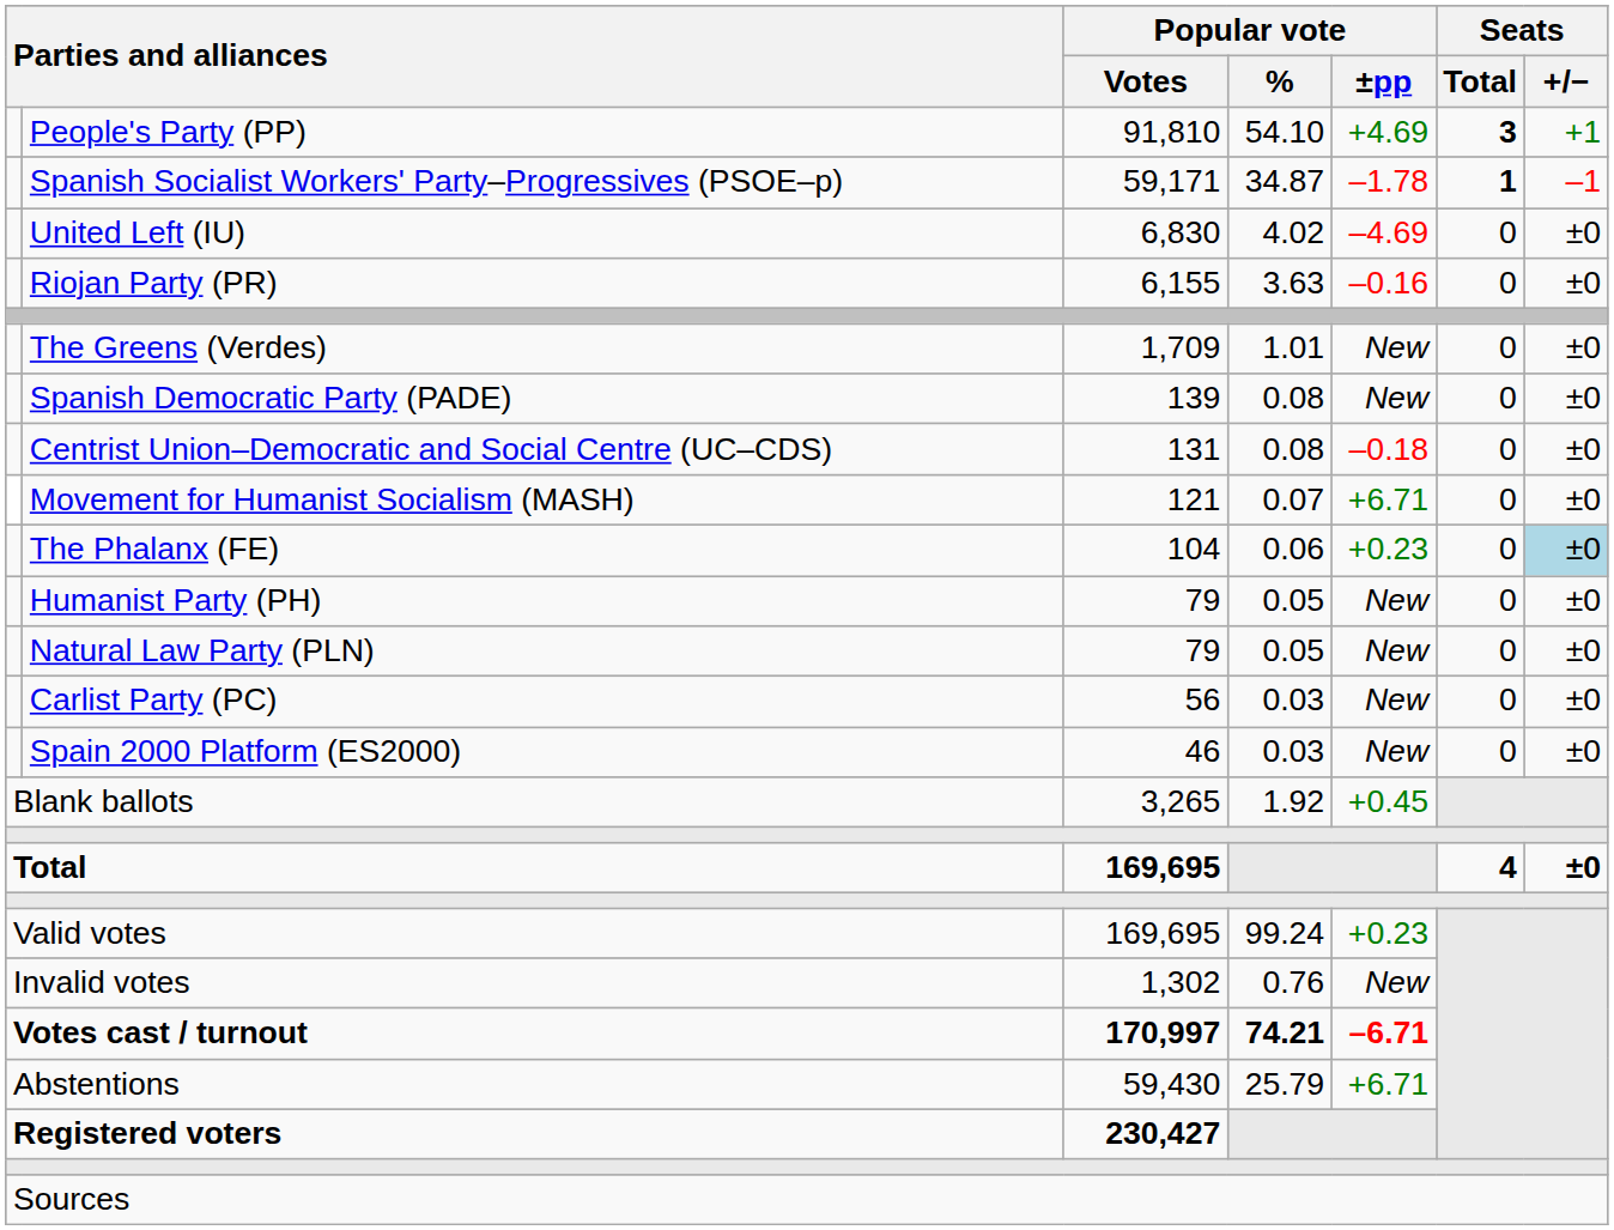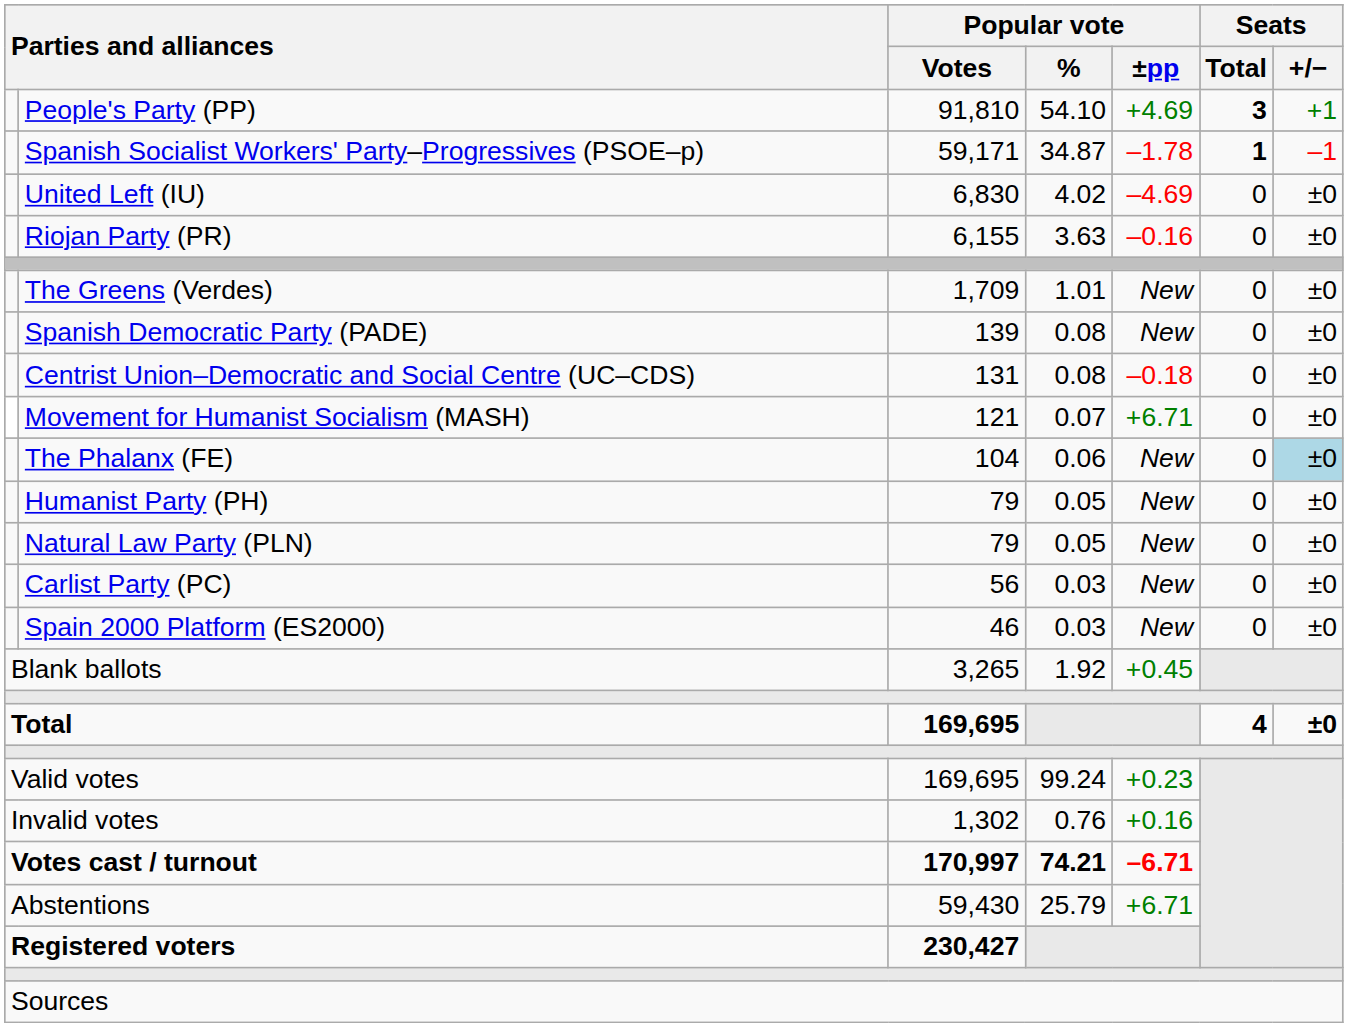 <table class="wikitable" style="text-align:right;">
 <tr>
 <th style="text-align:left;" rowspan="2" colspan="2" width="525">Parties and alliances</th>
 <th colspan="3">Popular vote</th>
 <th colspan="2">Seats</th>
 </tr>
 <tr>
 <th width="75">Votes</th>
 <th width="45">%</th>
 <th width="45">±<a href='#'>pp</a></th>
 <th width="35">Total</th>
 <th width="35">+/−</th>
 </tr>
 <tr>
 <td width="1" style="color:inherit;background:"></td>
 <td align="left"><a href='#'>People's Party</a> (PP)</td>
 <td>91,810</td>
 <td>54.10</td>
 <td style="color:green;">+4.69</td>
 <td><strong>3</strong></td>
 <td style="color:green;">+1</td>
 </tr>
 <tr>
 <td style="color:inherit;background:"></td>
 <td align="left"><a href='#'>Spanish Socialist Workers' Party</a>–<a href='#'>Progressives</a> (PSOE–p)</td>
 <td>59,171</td>
 <td>34.87</td>
 <td style="color:red;">–1.78</td>
 <td><strong>1</strong></td>
 <td style="color:red;">–1</td>
 </tr>
 <tr>
 <td style="color:inherit;background:"></td>
 <td align="left"><a href='#'>United Left</a> (IU)</td>
 <td>6,830</td>
 <td>4.02</td>
 <td style="color:red;">–4.69</td>
 <td>0</td>
 <td>±0</td>
 </tr>
 <tr>
 <td style="color:inherit;background:"></td>
 <td align="left"><a href='#'>Riojan Party</a> (PR)</td>
 <td>6,155</td>
 <td>3.63</td>
 <td style="color:red;">–0.16</td>
 <td>0</td>
 <td>±0</td>
 </tr>
 <tr>
 <td colspan="7" bgcolor="#C0C0C0"></td>
 </tr>
 <tr>
 <td style="color:inherit;background:"></td>
 <td align="left"><a href='#'>The Greens</a> (Verdes)</td>
 <td>1,709</td>
 <td>1.01</td>
 <td><em>New</em></td>
 <td>0</td>
 <td>±0</td>
 </tr>
 <tr>
 <td style="color:inherit;background:"></td>
 <td align="left"><a href='#'>Spanish Democratic Party</a> (PADE)</td>
 <td>139</td>
 <td>0.08</td>
 <td><em>New</em></td>
 <td>0</td>
 <td>±0</td>
 </tr>
 <tr>
 <td style="color:inherit;background:"></td>
 <td align="left"><a href='#'>Centrist Union–Democratic and Social Centre</a> (UC–CDS)</td>
 <td>131</td>
 <td>0.08</td>
 <td style="color:red;">–0.18</td>
 <td>0</td>
 <td>±0</td>
 </tr>
 <tr>
 <td bgcolor="white"></td>
 <td align="left"><a href='#'>Movement for Humanist Socialism</a> (MASH)</td>
 <td>121</td>
 <td>0.07</td>
 <td style="color:green;">+6.71</td>
 <td>0</td>
 <td>±0</td>
 </tr>
 <tr>
 <td style="color:inherit;background:"></td>
 <td align="left"><a href='#'>The Phalanx</a> (FE)</td>
 <td>104</td>
 <td>0.06</td>
-<td style="color:green;">+0.23</td>
+<td><em>New</em></td>
 <td>0</td>
 <td style="background: lightblue;">±0</td>
 </tr>
 <tr>
 <td style="color:inherit;background:"></td>
 <td align="left"><a href='#'>Humanist Party</a> (PH)</td>
 <td>79</td>
 <td>0.05</td>
 <td><em>New</em></td>
 <td>0</td>
 <td>±0</td>
 </tr>
 <tr>
 <td style="color:inherit;background:"></td>
 <td align="left"><a href='#'>Natural Law Party</a> (PLN)</td>
 <td>79</td>
 <td>0.05</td>
 <td><em>New</em></td>
 <td>0</td>
 <td>±0</td>
 </tr>
 <tr>
 <td style="color:inherit;background:"></td>
 <td align="left"><a href='#'>Carlist Party</a> (PC)</td>
 <td>56</td>
 <td>0.03</td>
 <td><em>New</em></td>
 <td>0</td>
 <td>±0</td>
 </tr>
 <tr>
 <td style="color:inherit;background:"></td>
 <td align="left"><a href='#'>Spain 2000 Platform</a> (ES2000)</td>
 <td>46</td>
 <td>0.03</td>
 <td><em>New</em></td>
 <td>0</td>
 <td>±0</td>
 </tr>
 <tr>
 <td align="left" colspan="2">Blank ballots</td>
 <td>3,265</td>
 <td>1.92</td>
 <td style="color:green;">+0.45</td>
 <td bgcolor="#E9E9E9" colspan="2"></td>
 </tr>
 <tr>
 <td colspan="7" bgcolor="#E9E9E9"></td>
 </tr>
 <tr style="font-weight:bold;">
 <td align="left" colspan="2">Total</td>
 <td>169,695</td>
 <td bgcolor="#E9E9E9" colspan="2"></td>
 <td>4</td>
 <td>±0</td>
 </tr>
 <tr>
 <td colspan="7" bgcolor="#E9E9E9"></td>
 </tr>
 <tr>
 <td align="left" colspan="2">Valid votes</td>
 <td>169,695</td>
 <td>99.24</td>
 <td style="color:green;">+0.23</td>
 <td bgcolor="#E9E9E9" colspan="2" rowspan="5"></td>
 </tr>
 <tr>
 <td align="left" colspan="2">Invalid votes</td>
 <td>1,302</td>
 <td>0.76</td>
-<td><em>New</em></td>
+<td style="color:green;">+0.16</td>
 </tr>
 <tr style="font-weight:bold;">
 <td align="left" colspan="2">Votes cast / turnout</td>
 <td>170,997</td>
 <td>74.21</td>
 <td style="color:red;">–6.71</td>
 </tr>
 <tr>
 <td align="left" colspan="2">Abstentions</td>
 <td>59,430</td>
 <td>25.79</td>
 <td style="color:green;">+6.71</td>
 </tr>
 <tr style="font-weight:bold;">
 <td align="left" colspan="2">Registered voters</td>
 <td>230,427</td>
 <td bgcolor="#E9E9E9" colspan="2"></td>
 </tr>
 <tr>
 <td colspan="7" bgcolor="#E9E9E9"></td>
 </tr>
 <tr>
 <td align="left" colspan="7">Sources</td>
 </tr>
 </table>
